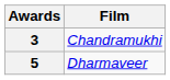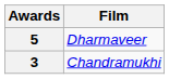 <table class="wikitable" style="display:inline-table;">
 <tr>
 <th>Awards</th>
 <th>Film</th>
 </tr>
 <tr>
+<th>5</th>
+<td><em><a href='#'>Dharmaveer</a></em></td>
+</tr>
+<tr>
 <th>3</th>
 <td><a href='#'><em>Chandramukhi</em></a></td>
 </tr>
-<tr>
-<th>5</th>
-<td><em><a href='#'>Dharmaveer</a></em></td>
-</tr>
 </table>
